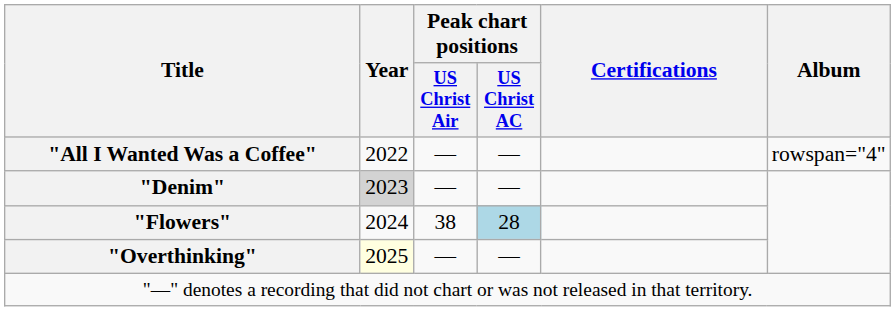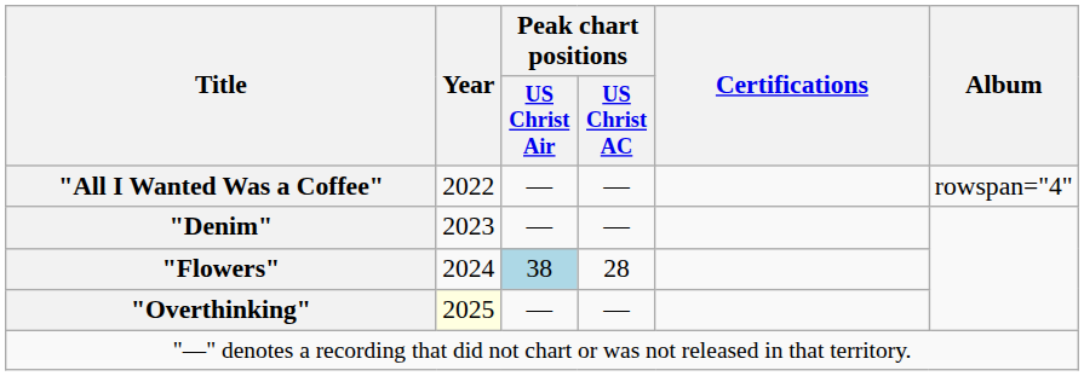 <table class="wikitable plainrowheaders" style="text-align:center;">
 <tr>
 <th scope="col" rowspan="2" style="width:16em;">Title</th>
 <th scope="col" rowspan="2">Year</th>
 <th colspan="2">Peak chart positions</th>
 <th scope="col" rowspan="2" style="width:10em;"><a href='#'>Certifications</a><br></th>
 <th scope="col" rowspan="2">Album</th>
 </tr>
 <tr>
 <th scope="col" style="width:3em;font-size:85%;"><a href='#'>US<br>Christ<br>Air</a><br></th>
 <th scope="col" style="width:3em;font-size:85%;"><a href='#'>US<br>Christ<br>AC</a><br></th>
 </tr>
 <tr>
 <th scope="row">"All I Wanted Was a Coffee"</th>
 <td>2022</td>
 <td>—</td>
 <td>—</td>
 <td></td>
 <td>rowspan="4" </td>
 </tr>
 <tr>
 <th scope="row">"Denim"</th>
-<td style="background: lightgrey;">2023</td>
+<td>2023</td>
 <td>—</td>
 <td>—</td>
 <td></td>
 </tr>
 <tr>
 <th scope="row">"Flowers"<br></th>
 <td>2024</td>
-<td>38</td>
-<td style="background: lightblue;">28</td>
+<td style="background: lightblue;">38</td>
+<td>28</td>
 <td></td>
 </tr>
 <tr>
 <th scope="row">"Overthinking"</th>
 <td style="background: lightyellow;">2025</td>
 <td>—</td>
 <td>—</td>
 <td></td>
 </tr>
 <tr>
 <td colspan="6" style="font-size:90%">"—" denotes a recording that did not chart or was not released in that territory.</td>
 </tr>
 </table>
